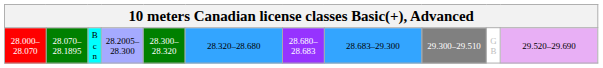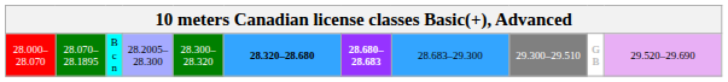 <table class="wikitable">
 <tr>
 <th style="width: 150px;" colspan=11>10 meters   Canadian license classes Basic(+), Advanced</th>
 </tr>
 <tr style="font-size:60%;" align=center>
 <td style="width: 40px;background-color:red;color:white;">28.000–28.070</td>
 <td style="width: 40px;background-color:green;color:white;">28.070–28.1895</td>
 <td style="width: 10px;background-color:cyan;">B<br>c<br>n</td>
 <td style="width: 40px;background-color:#A5AAFF;">28.2005–28.300</td>
 <td style="width: 40px;background-color:green;color:white;">28.300–28.320</td>
-<td style="width:100px;background-color:#33A5FF;">28.320–28.680</td>
-<td style="width: 40px;background-color:#9633FF;color:white;">28.680–28.683</td>
+<td style="width:100px;background-color:#33A5FF;"><strong>28.320–28.680</strong></td>
+<td style="width: 40px;background-color:#9633FF;color:white;"><strong>28.680–28.683</strong></td>
 <td style="width:100px;background-color:#33A5FF;">28.683–29.300</td>
 <td style="width: 65px;background-color:grey;color:white;">29.300–29.510</td>
-<td style="width: 10px;background-color:white;color:silver;">G<br>B</td>
+<td style="width: 10px;background-color:white;color:silver;"><strong>G<br>B</strong></td>
 <td style="width:100px;background-color:#E8AFF5;">29.520–29.690</td>
 </tr>
 </table>
